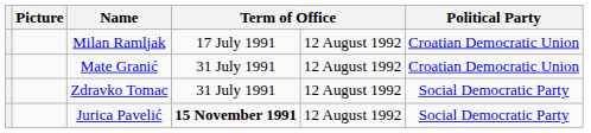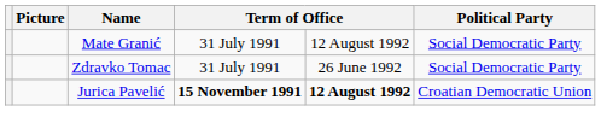 <table class="wikitable" style="text-align:center">
 <tr>
 <th></th>
 <th>Picture</th>
 <th>Name<br></th>
 <th colspan="2">Term of Office</th>
 <th>Political Party</th>
 </tr>
 <tr>
 <th style="background:"></th>
 <td></td>
-<td><a href='#'>Milan Ramljak</a><br></td>
-<td>17 July 1991</td>
-<td>12 August 1992</td>
-<td><a href='#'>Croatian Democratic Union</a></td>
-</tr>
-<tr>
-<th style="background:"></th>
-<td></td>
 <td><a href='#'>Mate Granić</a><br></td>
-<td>31 July 1991</td>
-<td>12 August 1992</td>
-<td><a href='#'>Croatian Democratic Union</a></td>
-</tr>
-<tr>
-<th style="background:"></th>
-<td></td>
-<td><a href='#'>Zdravko Tomac</a><br></td>
 <td>31 July 1991</td>
 <td>12 August 1992</td>
 <td><a href='#'>Social Democratic Party</a></td>
 </tr>
 <tr>
 <th style="background:"></th>
 <td></td>
+<td><a href='#'>Zdravko Tomac</a><br></td>
+<td>31 July 1991</td>
+<td>26 June 1992</td>
+<td><a href='#'>Social Democratic Party</a></td>
+</tr>
+<tr>
+<th style="background:"></th>
+<td></td>
 <td><a href='#'>Jurica Pavelić</a><br></td>
 <td><strong>15 November 1991</strong></td>
-<td>12 August 1992</td>
-<td><a href='#'>Social Democratic Party</a></td>
+<td><strong>12 August 1992</strong></td>
+<td><a href='#'>Croatian Democratic Union</a></td>
 </tr>
 </table>
